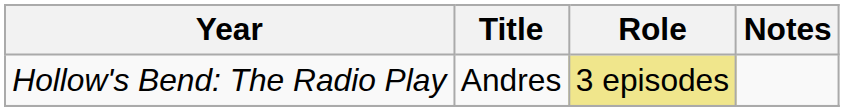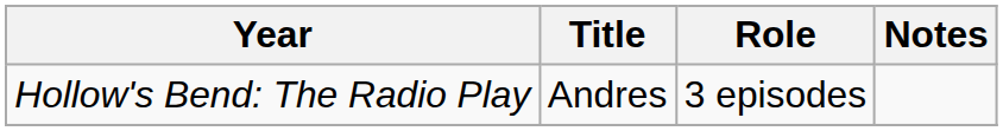 <table class="wikitable sortable">
 <tr>
 <th>Year</th>
 <th>Title</th>
 <th>Role</th>
 <th class="unsortable">Notes</th>
 </tr>
 <tr>
 <td><em>Hollow's Bend: The Radio Play</em></td>
 <td>Andres</td>
-<td style="background: khaki;">3 episodes</td>
+<td>3 episodes</td>
 <td></td>
 </tr>
 <tr>
 </tr>
 </table>
